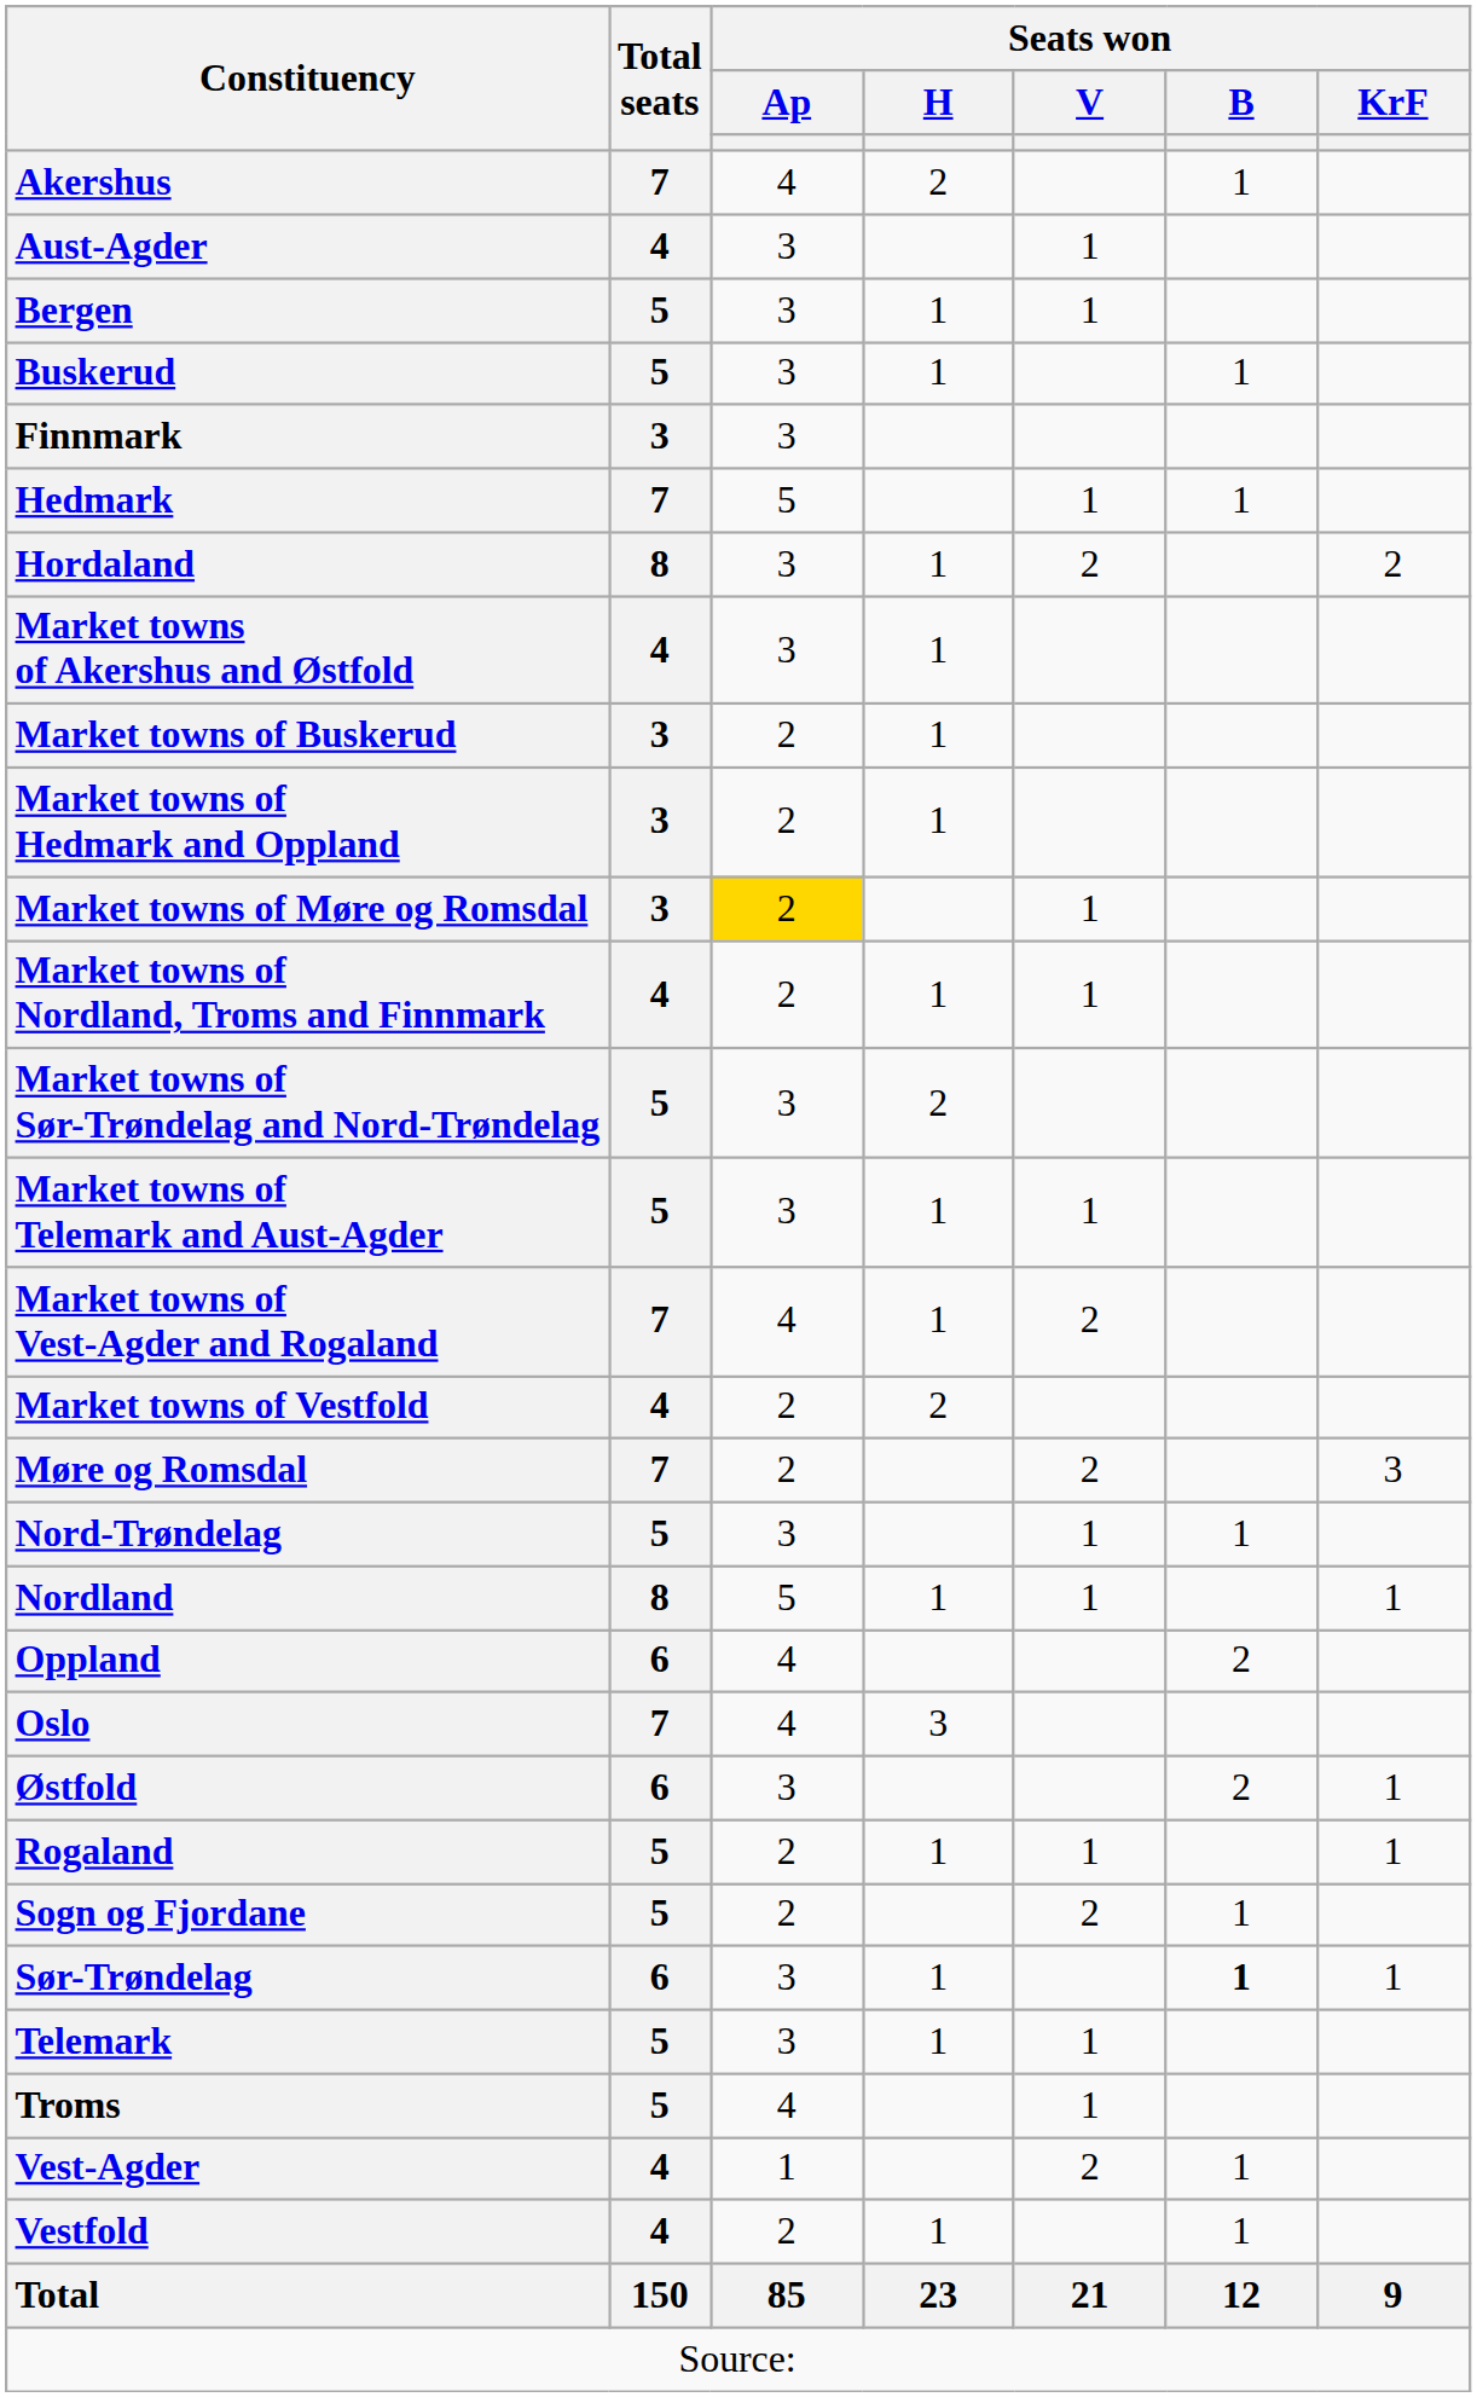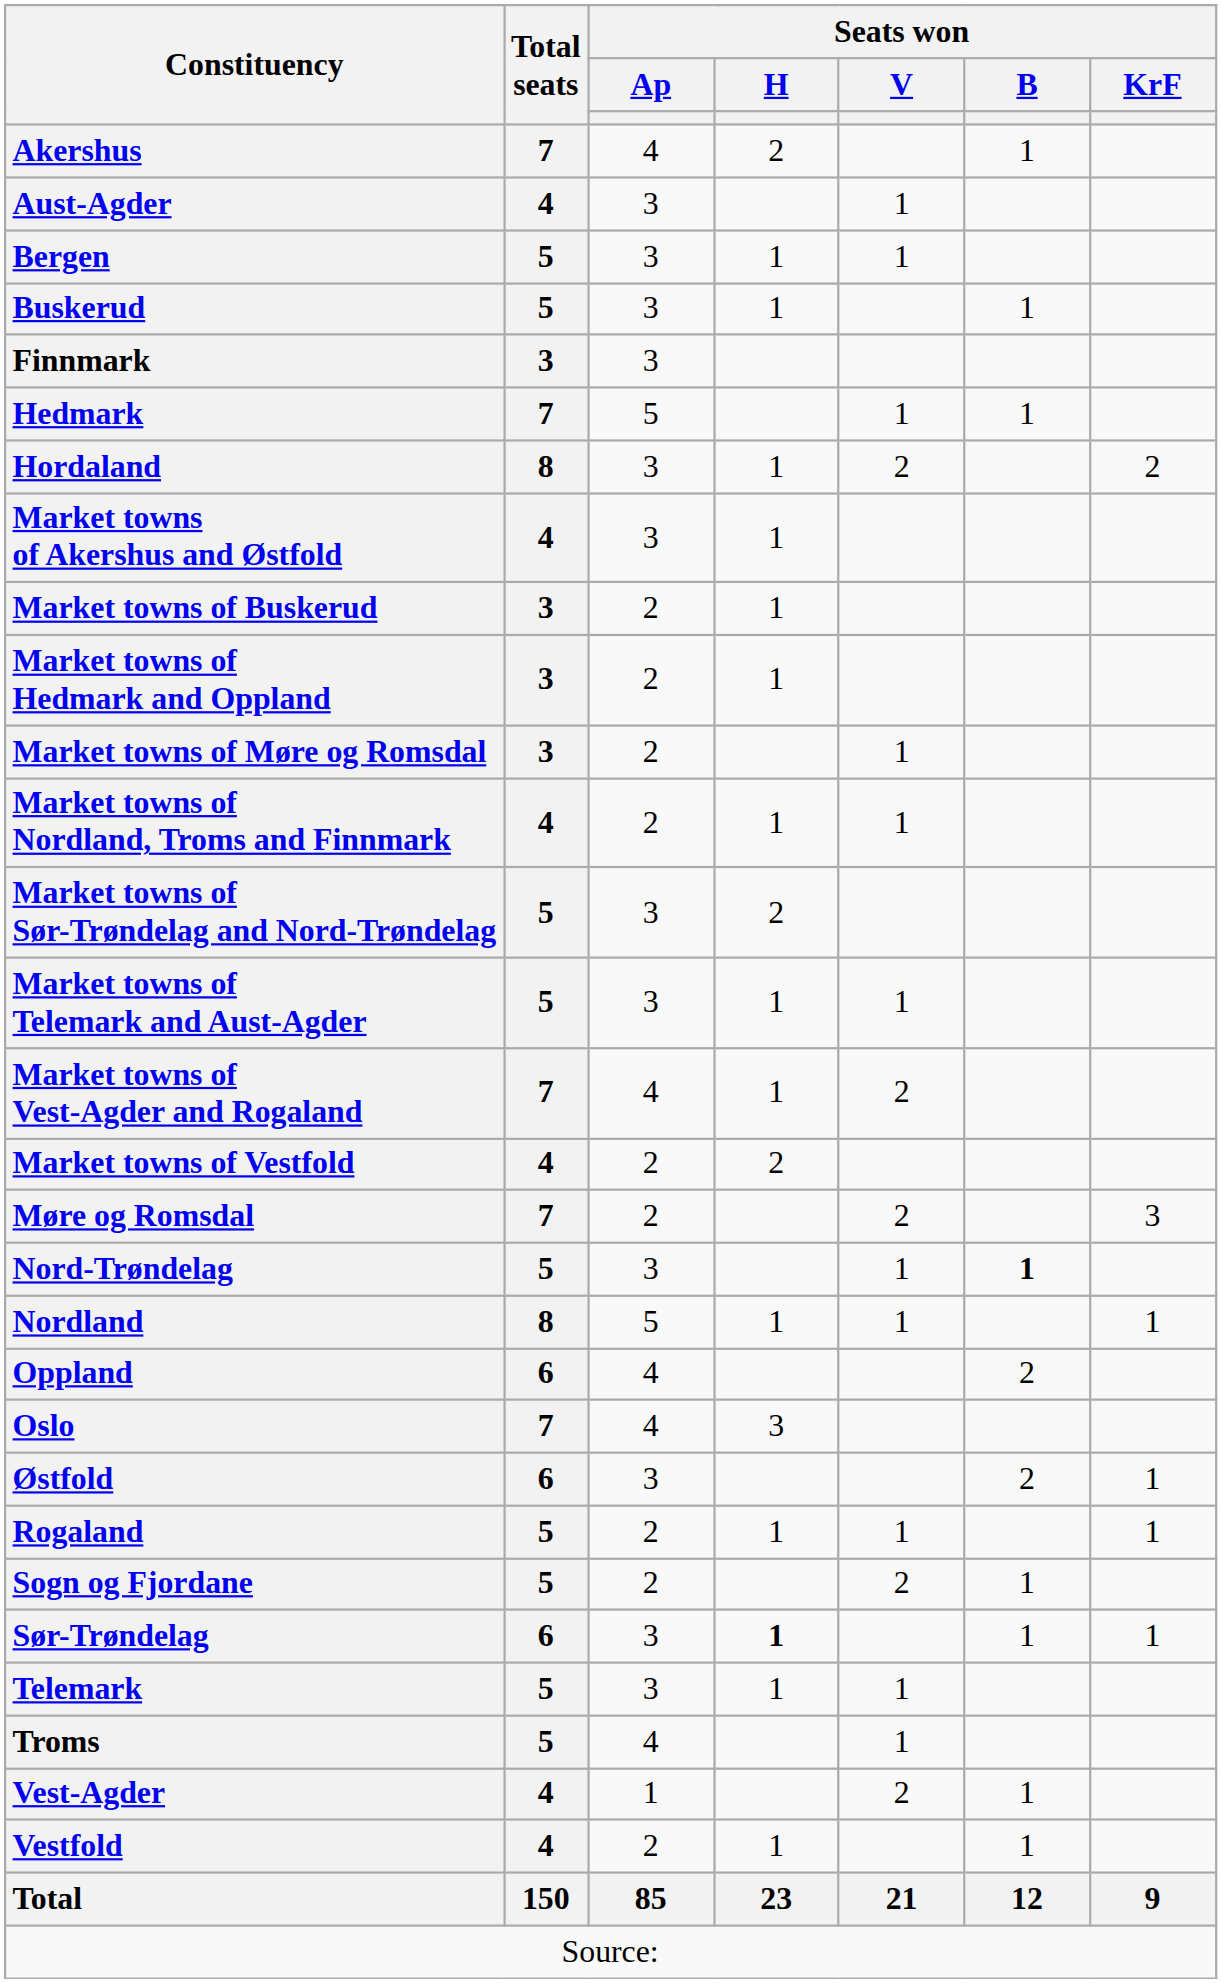 <table class="wikitable" style="text-align:center; font-size: 0.9em;">
 <tr>
 <th rowspan="3">Constituency</th>
 <th rowspan="3">Total<br>seats</th>
 <th colspan="5">Seats won</th>
 </tr>
 <tr>
 <th class="unsortable" style="width:50px;"><a href='#'>Ap</a></th>
 <th class="unsortable" style="width:50px;"><a href='#'>H</a></th>
 <th class="unsortable" style="width:50px;"><a href='#'>V</a></th>
 <th class="unsortable" style="width:50px;"><a href='#'>B</a></th>
 <th class="unsortable" style="width:50px;"><a href='#'>KrF</a></th>
 </tr>
 <tr>
 <th style="background:"></th>
 <th style="background:"></th>
 <th style="background:"></th>
 <th style="background:"></th>
 <th style="background:"></th>
 </tr>
 <tr>
 <th style="text-align: left;"><a href='#'>Akershus</a></th>
 <th>7</th>
 <td>4</td>
 <td>2</td>
 <td></td>
 <td>1</td>
 <td></td>
 </tr>
 <tr>
 <th style="text-align: left;"><a href='#'>Aust-Agder</a></th>
 <th>4</th>
 <td>3</td>
 <td></td>
 <td>1</td>
 <td></td>
 <td></td>
 </tr>
 <tr>
 <th style="text-align: left;"><a href='#'>Bergen</a></th>
 <th>5</th>
 <td>3</td>
 <td>1</td>
 <td>1</td>
 <td></td>
 <td></td>
 </tr>
 <tr>
 <th style="text-align: left;"><a href='#'>Buskerud</a></th>
 <th>5</th>
 <td>3</td>
 <td>1</td>
 <td></td>
 <td>1</td>
 <td></td>
 </tr>
 <tr>
 <th style="text-align: left;">Finnmark</th>
 <th>3</th>
 <td>3</td>
 <td></td>
 <td></td>
 <td></td>
 <td></td>
 </tr>
 <tr>
 <th style="text-align: left;"><a href='#'>Hedmark</a></th>
 <th>7</th>
 <td>5</td>
 <td></td>
 <td>1</td>
 <td>1</td>
 <td></td>
 </tr>
 <tr>
 <th style="text-align: left;"><a href='#'>Hordaland</a></th>
 <th>8</th>
 <td>3</td>
 <td>1</td>
 <td>2</td>
 <td></td>
 <td>2</td>
 </tr>
 <tr>
 <th style="text-align: left;"><a href='#'>Market towns<br>of Akershus and Østfold</a></th>
 <th>4</th>
 <td>3</td>
 <td>1</td>
 <td></td>
 <td></td>
 <td></td>
 </tr>
 <tr>
 <th style="text-align: left;"><a href='#'>Market towns of Buskerud</a></th>
 <th>3</th>
 <td>2</td>
 <td>1</td>
 <td></td>
 <td></td>
 <td></td>
 </tr>
 <tr>
 <th style="text-align: left;"><a href='#'>Market towns of<br>Hedmark and Oppland</a></th>
 <th>3</th>
 <td>2</td>
 <td>1</td>
 <td></td>
 <td></td>
 <td></td>
 </tr>
 <tr>
 <th style="text-align: left;"><a href='#'>Market towns of Møre og Romsdal</a></th>
 <th>3</th>
-<td style="background: gold;">2</td>
+<td>2</td>
 <td></td>
 <td>1</td>
 <td></td>
 <td></td>
 </tr>
 <tr>
 <th style="text-align: left;"><a href='#'>Market towns of<br>Nordland, Troms and Finnmark</a></th>
 <th>4</th>
 <td>2</td>
 <td>1</td>
 <td>1</td>
 <td></td>
 <td></td>
 </tr>
 <tr>
 <th style="text-align: left;"><a href='#'>Market towns of<br>Sør-Trøndelag and Nord-Trøndelag</a></th>
 <th>5</th>
 <td>3</td>
 <td>2</td>
 <td></td>
 <td></td>
 <td></td>
 </tr>
 <tr>
 <th style="text-align: left;"><a href='#'>Market towns of<br>Telemark and Aust-Agder</a></th>
 <th>5</th>
 <td>3</td>
 <td>1</td>
 <td>1</td>
 <td></td>
 <td></td>
 </tr>
 <tr>
 <th style="text-align: left;"><a href='#'>Market towns of<br>Vest-Agder and Rogaland</a></th>
 <th>7</th>
 <td>4</td>
 <td>1</td>
 <td>2</td>
 <td></td>
 <td></td>
 </tr>
 <tr>
 <th style="text-align: left;"><a href='#'>Market towns of Vestfold</a></th>
 <th>4</th>
 <td>2</td>
 <td>2</td>
 <td></td>
 <td></td>
 <td></td>
 </tr>
 <tr>
 <th style="text-align: left;"><a href='#'>Møre og Romsdal</a></th>
 <th>7</th>
 <td>2</td>
 <td></td>
 <td>2</td>
 <td></td>
 <td>3</td>
 </tr>
 <tr>
 <th style="text-align: left;"><a href='#'>Nord-Trøndelag</a></th>
 <th>5</th>
 <td>3</td>
 <td></td>
 <td>1</td>
-<td>1</td>
+<td><strong>1</strong></td>
 <td></td>
 </tr>
 <tr>
 <th style="text-align: left;"><a href='#'>Nordland</a></th>
 <th>8</th>
 <td>5</td>
 <td>1</td>
 <td>1</td>
 <td></td>
 <td>1</td>
 </tr>
 <tr>
 <th style="text-align: left;"><a href='#'>Oppland</a></th>
 <th>6</th>
 <td>4</td>
 <td></td>
 <td></td>
 <td>2</td>
 <td></td>
 </tr>
 <tr>
 <th style="text-align: left;"><a href='#'>Oslo</a></th>
 <th>7</th>
 <td>4</td>
 <td>3</td>
 <td></td>
 <td></td>
 <td></td>
 </tr>
 <tr>
 <th style="text-align: left;"><a href='#'>Østfold</a></th>
 <th>6</th>
 <td>3</td>
 <td></td>
 <td></td>
 <td>2</td>
 <td>1</td>
 </tr>
 <tr>
 <th style="text-align: left;"><a href='#'>Rogaland</a></th>
 <th>5</th>
 <td>2</td>
 <td>1</td>
 <td>1</td>
 <td></td>
 <td>1</td>
 </tr>
 <tr>
 <th style="text-align: left;"><a href='#'>Sogn og Fjordane</a></th>
 <th>5</th>
 <td>2</td>
 <td></td>
 <td>2</td>
 <td>1</td>
 <td></td>
 </tr>
 <tr>
 <th style="text-align: left;"><a href='#'>Sør-Trøndelag</a></th>
 <th>6</th>
 <td>3</td>
+<td><strong>1</strong></td>
+<td></td>
 <td>1</td>
-<td></td>
-<td><strong>1</strong></td>
 <td>1</td>
 </tr>
 <tr>
 <th style="text-align: left;"><a href='#'>Telemark</a></th>
 <th>5</th>
 <td>3</td>
 <td>1</td>
 <td>1</td>
 <td></td>
 <td></td>
 </tr>
 <tr>
 <th style="text-align: left;">Troms</th>
 <th>5</th>
 <td>4</td>
 <td></td>
 <td>1</td>
 <td></td>
 <td></td>
 </tr>
 <tr>
 <th style="text-align: left;"><a href='#'>Vest-Agder</a></th>
 <th>4</th>
 <td>1</td>
 <td></td>
 <td>2</td>
 <td>1</td>
 <td></td>
 </tr>
 <tr>
 <th style="text-align: left;"><a href='#'>Vestfold</a></th>
 <th>4</th>
 <td>2</td>
 <td>1</td>
 <td></td>
 <td>1</td>
 <td></td>
 </tr>
 <tr>
 <th style="text-align: left;">Total</th>
 <th>150</th>
 <th>85</th>
 <th>23</th>
 <th>21</th>
 <th>12</th>
 <th>9</th>
 </tr>
 <tr>
 <td colspan="7">Source: </td>
 </tr>
 </table>
